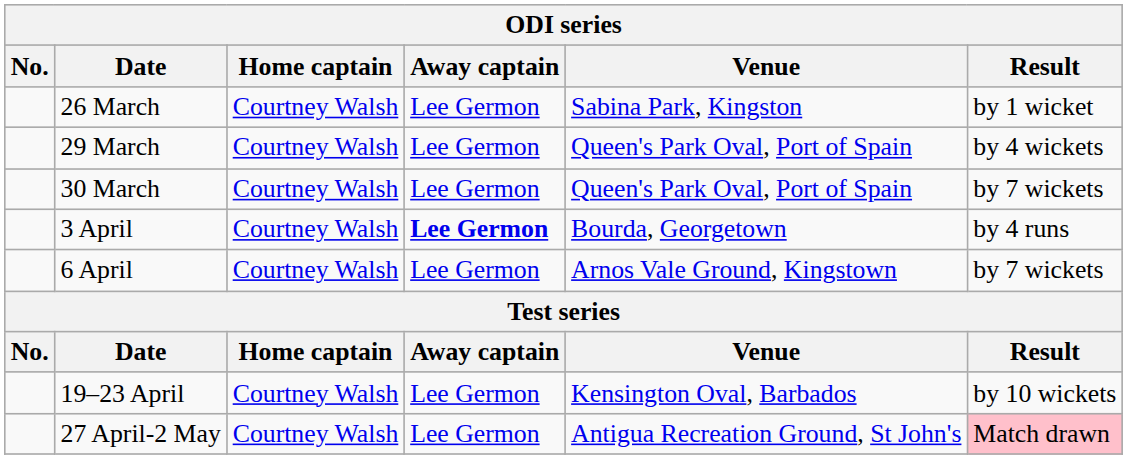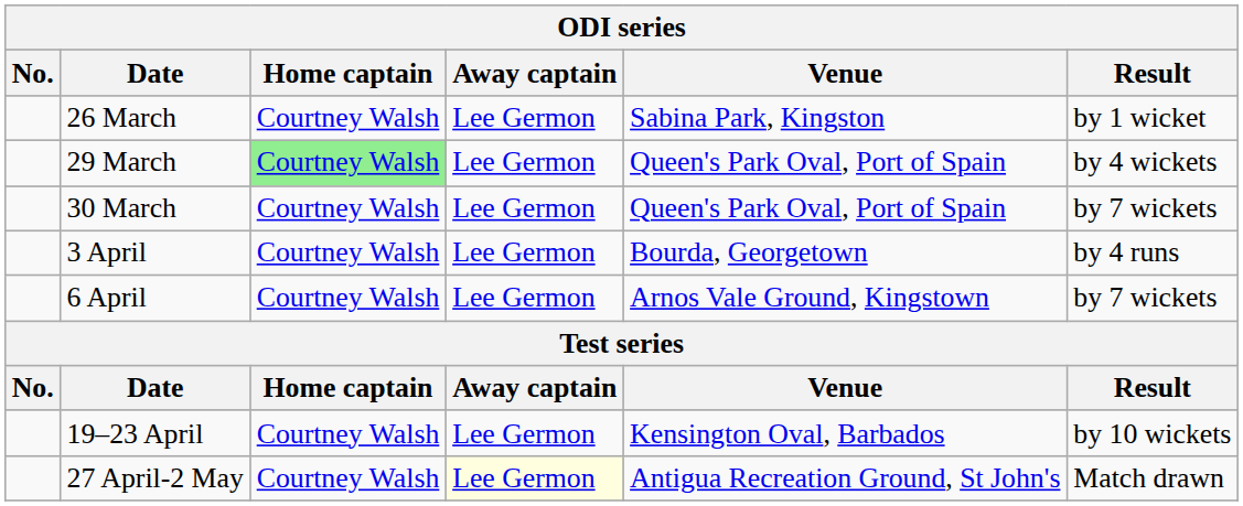 <table class="wikitable">
 <tr>
 <th colspan="9">ODI series</th>
 </tr>
 <tr>
 <th>No.</th>
 <th>Date</th>
 <th>Home captain</th>
 <th>Away captain</th>
 <th>Venue</th>
 <th>Result</th>
 </tr>
 <tr>
 <td></td>
 <td>26 March</td>
 <td><a href='#'>Courtney Walsh</a></td>
 <td><a href='#'>Lee Germon</a></td>
 <td><a href='#'>Sabina Park</a>, <a href='#'>Kingston</a></td>
 <td> by 1 wicket</td>
 </tr>
 <tr>
 <td></td>
 <td>29 March</td>
-<td><a href='#'>Courtney Walsh</a></td>
+<td style="background: lightgreen;"><a href='#'>Courtney Walsh</a></td>
 <td><a href='#'>Lee Germon</a></td>
 <td><a href='#'>Queen's Park Oval</a>, <a href='#'>Port of Spain</a></td>
 <td> by 4 wickets</td>
 </tr>
 <tr>
 <td></td>
 <td>30 March</td>
 <td><a href='#'>Courtney Walsh</a></td>
 <td><a href='#'>Lee Germon</a></td>
 <td><a href='#'>Queen's Park Oval</a>, <a href='#'>Port of Spain</a></td>
 <td> by 7 wickets</td>
 </tr>
 <tr>
 <td></td>
 <td>3 April</td>
 <td><a href='#'>Courtney Walsh</a></td>
-<td><strong><a href='#'>Lee Germon</a></strong></td>
+<td><a href='#'>Lee Germon</a></td>
 <td><a href='#'>Bourda</a>, <a href='#'>Georgetown</a></td>
 <td> by 4 runs</td>
 </tr>
 <tr>
 <td></td>
 <td>6 April</td>
 <td><a href='#'>Courtney Walsh</a></td>
 <td><a href='#'>Lee Germon</a></td>
 <td><a href='#'>Arnos Vale Ground</a>, <a href='#'>Kingstown</a></td>
 <td> by 7 wickets</td>
 </tr>
 <tr>
 <th colspan="9">Test series</th>
 </tr>
 <tr>
 <th>No.</th>
 <th>Date</th>
 <th>Home captain</th>
 <th>Away captain</th>
 <th>Venue</th>
 <th>Result</th>
 </tr>
 <tr>
 <td></td>
 <td>19–23 April</td>
 <td><a href='#'>Courtney Walsh</a></td>
 <td><a href='#'>Lee Germon</a></td>
 <td><a href='#'>Kensington Oval</a>, <a href='#'>Barbados</a></td>
 <td> by 10 wickets</td>
 </tr>
 <tr>
 <td></td>
 <td>27 April-2 May</td>
 <td><a href='#'>Courtney Walsh</a></td>
-<td><a href='#'>Lee Germon</a></td>
+<td style="background: lightyellow;"><a href='#'>Lee Germon</a></td>
 <td><a href='#'>Antigua Recreation Ground</a>, <a href='#'>St John's</a></td>
-<td style="background: pink;">Match drawn</td>
+<td>Match drawn</td>
 </tr>
 </table>
